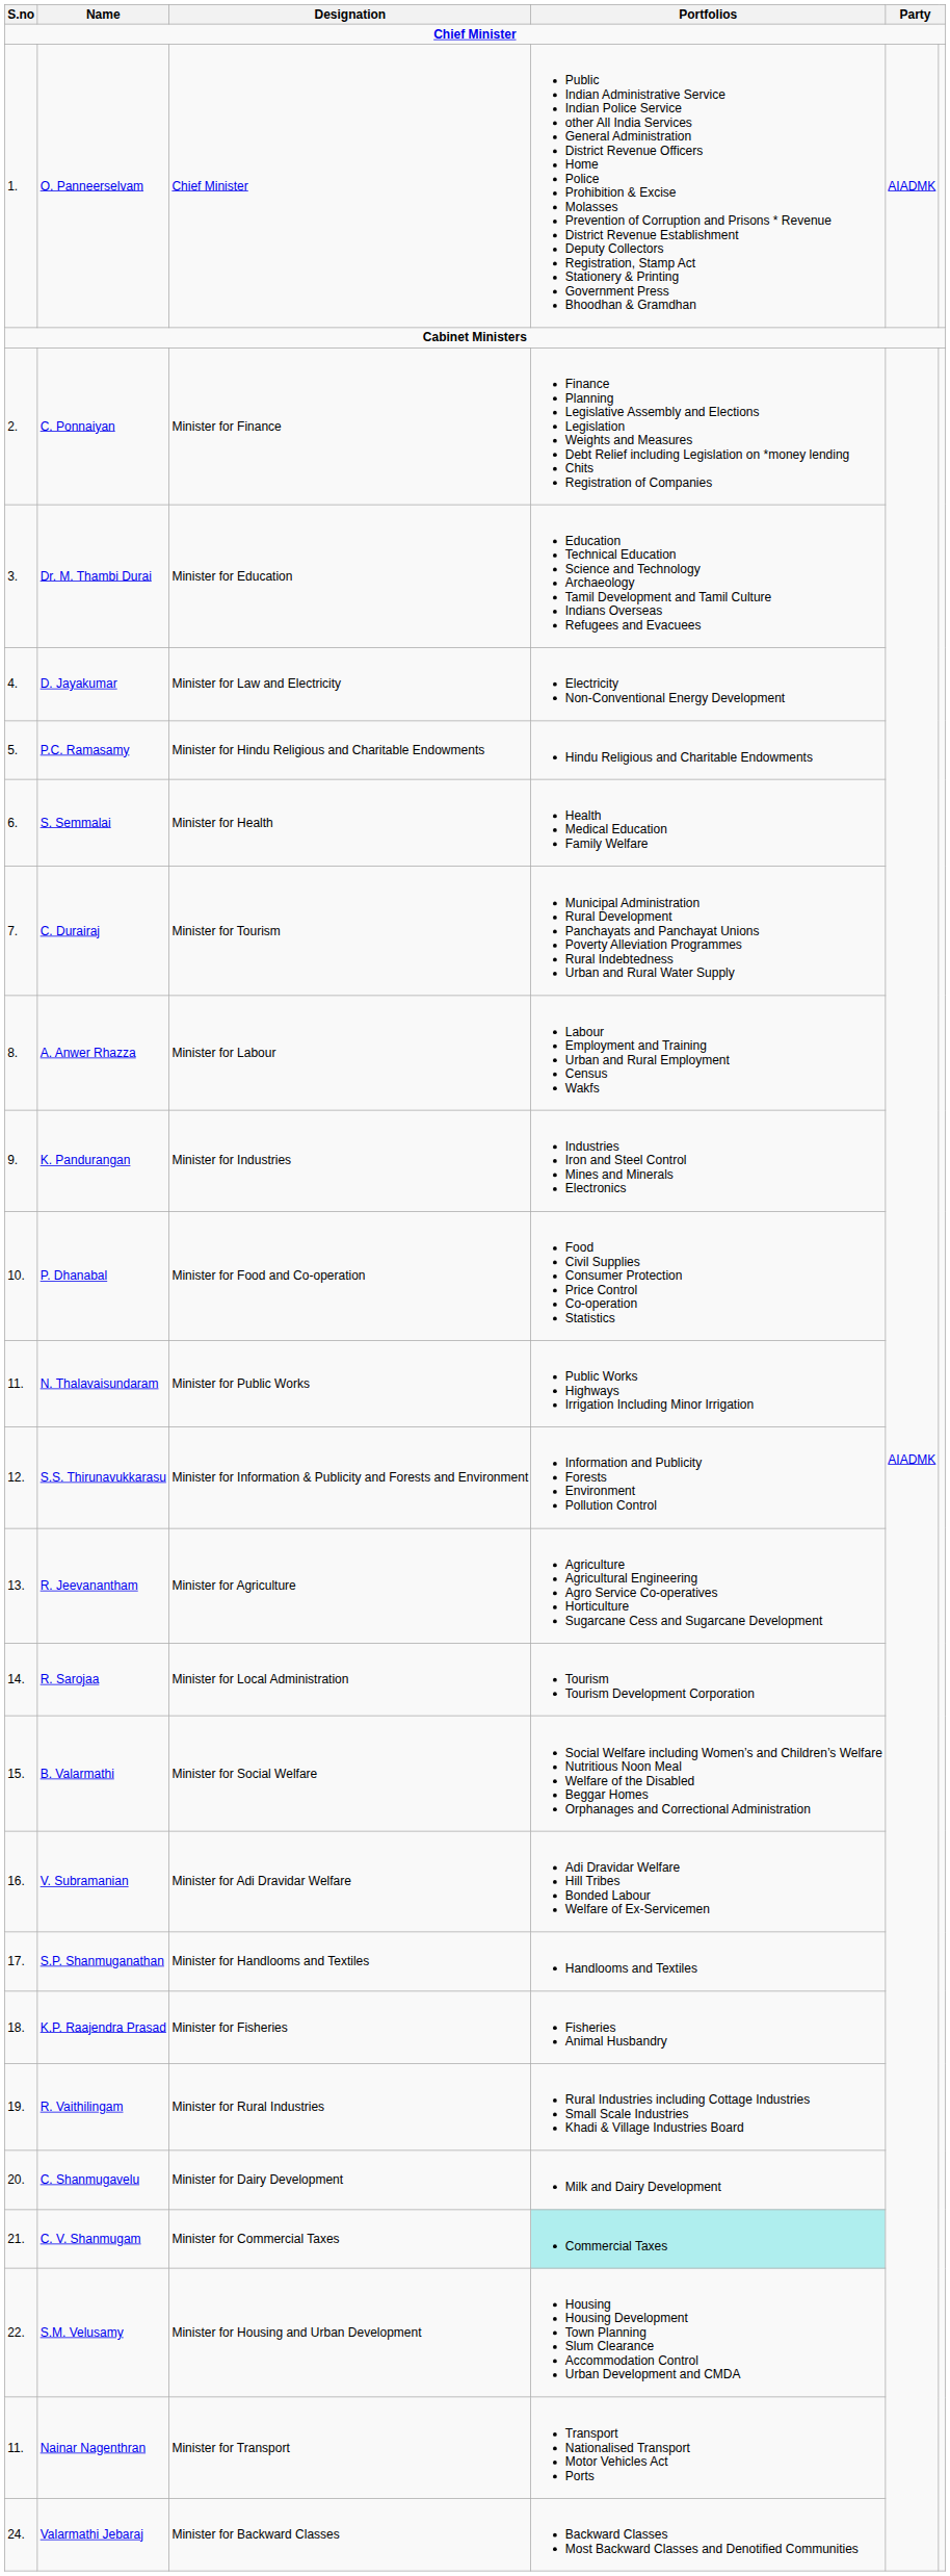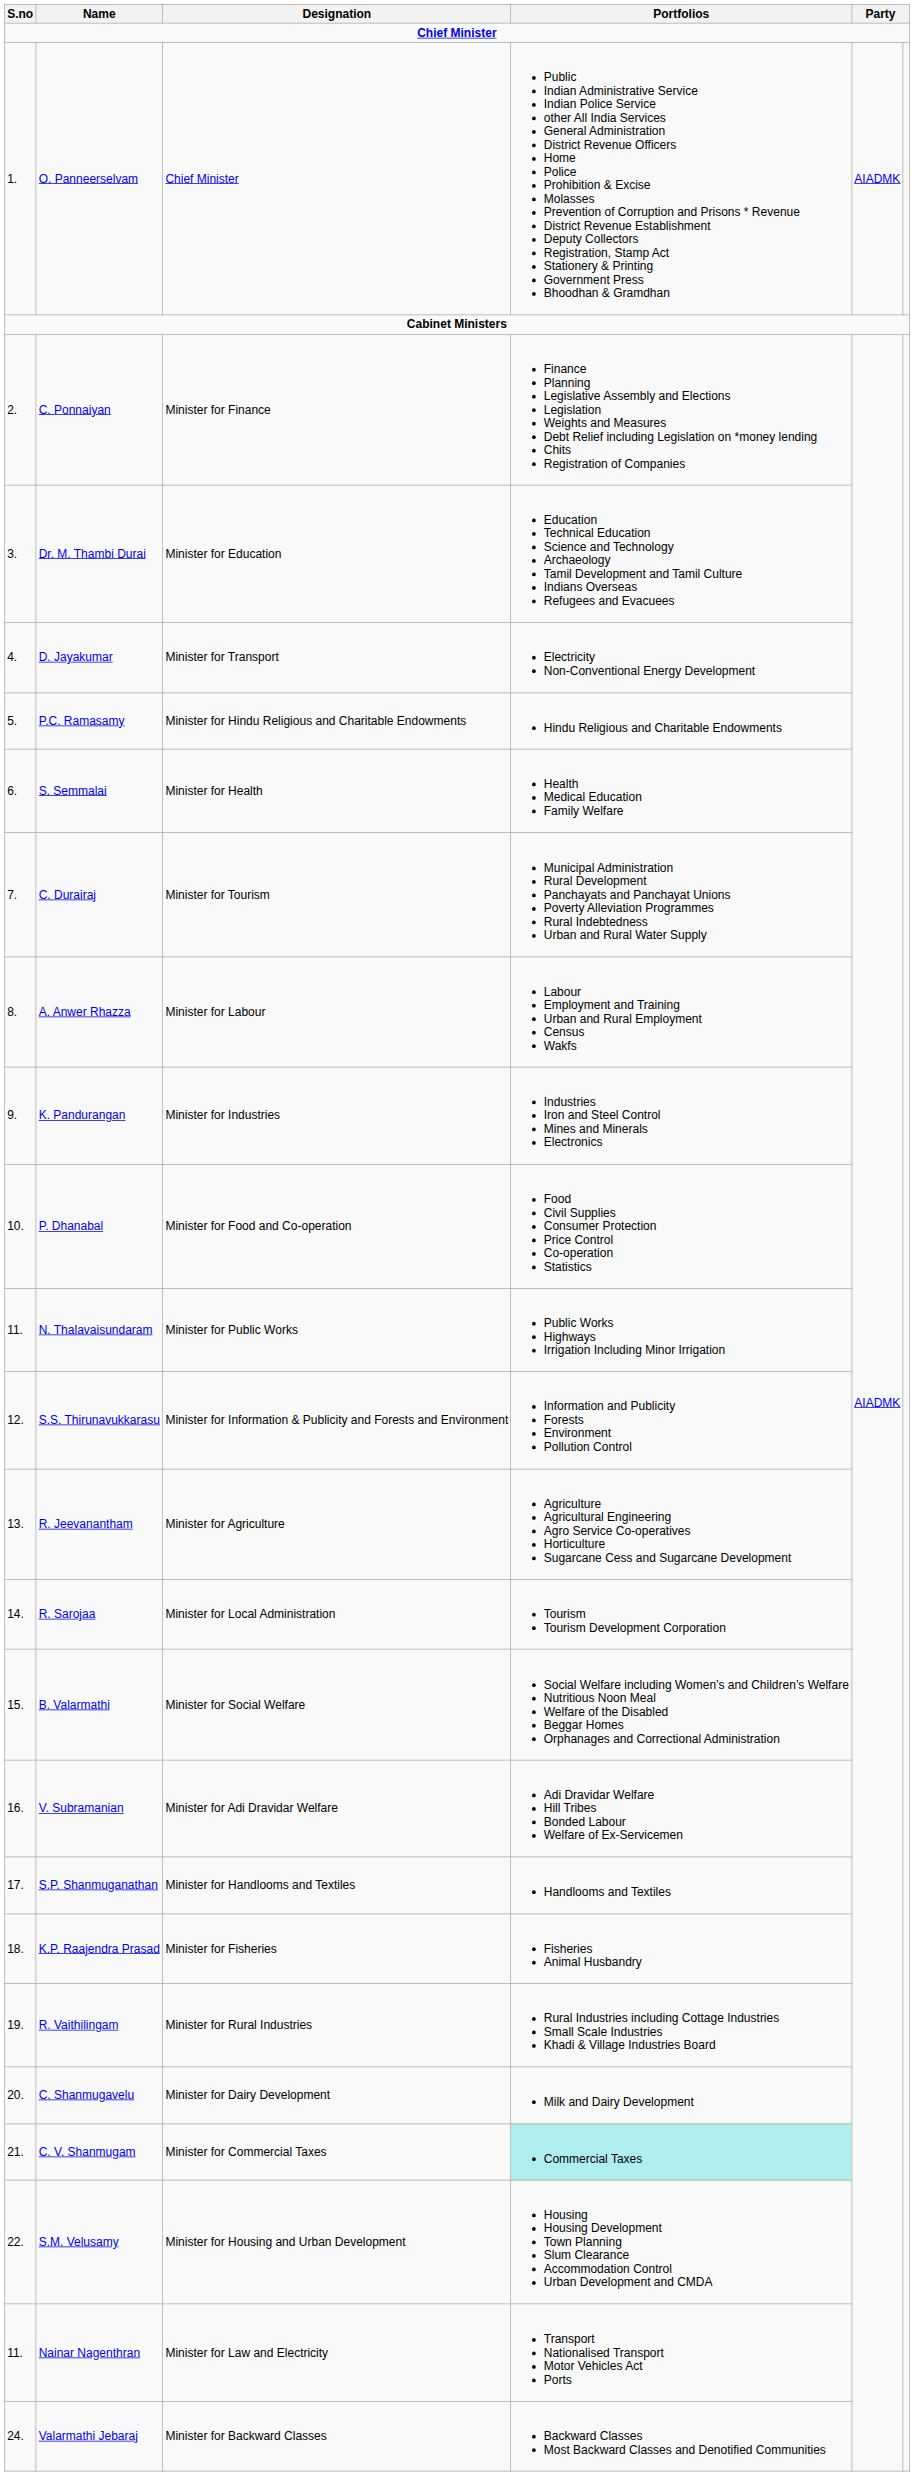 <table class="wikitable">
 <tr>
 <th>S.no</th>
 <th>Name</th>
 <th>Designation</th>
 <th>Portfolios</th>
 <th colspan="2" scope="col">Party</th>
 </tr>
 <tr>
 <td colspan="6" style="text-align: center;"><strong><a href='#'>Chief Minister</a></strong></td>
 </tr>
 <tr>
 <td>1.</td>
 <td><a href='#'>O. Panneerselvam</a></td>
 <td><a href='#'>Chief Minister</a></td>
 <td><br><ul><li>Public</li><li>Indian Administrative Service</li><li>Indian Police Service</li><li>other  All India Services</li><li>General    Administration</li><li>District Revenue Officers</li><li>Home</li><li>Police</li><li>Prohibition &  Excise</li><li>Molasses</li><li>Prevention  of Corruption and Prisons * Revenue</li><li>District Revenue Establishment</li><li>Deputy Collectors</li><li>Registration, Stamp  Act</li><li>Stationery & Printing</li><li>Government Press</li><li>Bhoodhan & Gramdhan</li></ul></td>
 <td><a href='#'>AIADMK</a></td>
 <td width="1px" style="background-color: "></td>
 </tr>
 <tr>
 <td colspan="6" style="text-align: center;"><strong>Cabinet Ministers</strong></td>
 </tr>
 <tr>
 <td>2.</td>
 <td><a href='#'>C. Ponnaiyan</a></td>
 <td>Minister for Finance</td>
 <td><br><ul><li>Finance</li><li>Planning</li><li>Legislative Assembly and Elections</li><li>Legislation</li><li>Weights and Measures</li><li>Debt Relief including Legislation on *money lending</li><li>Chits</li><li>Registration of Companies</li></ul></td>
 <td rowspan="32"><a href='#'>AIADMK</a></td>
 <td rowspan="32" width="1px" style="background-color: "></td>
 </tr>
 <tr>
 <td>3.</td>
 <td><a href='#'>Dr. M. Thambi Durai</a></td>
 <td>Minister for Education</td>
 <td><br><ul><li>Education</li><li>Technical  Education</li><li>Science   and    Technology</li><li>Archaeology</li><li>Tamil  Development and  Tamil Culture</li><li>Indians Overseas</li><li>Refugees and Evacuees</li></ul></td>
 </tr>
 <tr>
 <td>4.</td>
 <td><a href='#'>D. Jayakumar</a></td>
-<td>Minister for Law and Electricity</td>
+<td>Minister for Transport</td>
 <td><br><ul><li>Electricity</li><li>Non-Conventional Energy  Development</li></ul></td>
 </tr>
 <tr>
 <td>5.</td>
 <td><a href='#'>P.C. Ramasamy</a></td>
 <td>Minister for Hindu Religious and Charitable Endowments</td>
 <td><br><ul><li>Hindu Religious and Charitable Endowments</li></ul></td>
 </tr>
 <tr>
 <td>6.</td>
 <td><a href='#'>S. Semmalai</a></td>
 <td>Minister for Health</td>
 <td><br><ul><li>Health</li><li>Medical Education</li><li>Family  Welfare</li></ul></td>
 </tr>
 <tr>
 <td>7.</td>
 <td><a href='#'>C. Durairaj</a></td>
 <td>Minister for Tourism</td>
 <td><br><ul><li>Municipal Administration</li><li>Rural Development</li><li>Panchayats and Panchayat Unions</li><li>Poverty Alleviation  Programmes</li><li>Rural Indebtedness</li><li>Urban and Rural Water Supply</li></ul></td>
 </tr>
 <tr>
 <td>8.</td>
 <td><a href='#'>A. Anwer Rhazza</a></td>
 <td>Minister for Labour</td>
 <td><br><ul><li>Labour</li><li>Employment and  Training</li><li>Urban and Rural Employment</li><li>Census</li><li>Wakfs</li></ul></td>
 </tr>
 <tr>
 <td>9.</td>
 <td><a href='#'>K. Pandurangan</a></td>
 <td>Minister for Industries</td>
 <td><br><ul><li>Industries</li><li>Iron and Steel Control</li><li>Mines and Minerals</li><li>Electronics</li></ul></td>
 </tr>
 <tr>
 <td>10.</td>
 <td><a href='#'>P. Dhanabal</a></td>
 <td>Minister for Food and Co-operation</td>
 <td><br><ul><li>Food</li><li>Civil Supplies</li><li>Consumer Protection</li><li>Price Control</li><li>Co-operation</li><li>Statistics</li></ul></td>
 </tr>
 <tr>
 <td>11.</td>
 <td><a href='#'>N. Thalavaisundaram</a></td>
 <td>Minister for Public Works</td>
 <td><br><ul><li>Public Works</li><li>Highways</li><li>Irrigation Including Minor Irrigation</li></ul></td>
 </tr>
 <tr>
 <td>12.</td>
 <td><a href='#'>S.S. Thirunavukkarasu</a></td>
 <td>Minister for Information & Publicity and Forests and Environment</td>
 <td><br><ul><li>Information and Publicity</li><li>Forests</li><li>Environment</li><li>Pollution  Control</li></ul></td>
 </tr>
 <tr>
 <td>13.</td>
 <td><a href='#'>R. Jeevanantham</a></td>
 <td>Minister for Agriculture</td>
 <td><br><ul><li>Agriculture</li><li>Agricultural  Engineering</li><li>Agro   Service   Co-operatives</li><li>Horticulture</li><li>Sugarcane Cess and Sugarcane Development</li></ul></td>
 </tr>
 <tr>
 <td>14.</td>
 <td><a href='#'>R. Sarojaa</a></td>
 <td>Minister for Local Administration</td>
 <td><br><ul><li>Tourism</li><li>Tourism  Development Corporation</li></ul></td>
 </tr>
 <tr>
 <td>15.</td>
 <td><a href='#'>B. Valarmathi</a></td>
 <td>Minister for Social Welfare</td>
 <td><br><ul><li>Social Welfare including Women’s and Children’s  Welfare</li><li>Nutritious Noon Meal</li><li>Welfare of the Disabled</li><li>Beggar Homes</li><li>Orphanages and Correctional Administration</li></ul></td>
 </tr>
 <tr>
 <td>16.</td>
 <td><a href='#'>V. Subramanian</a></td>
 <td>Minister for Adi Dravidar Welfare</td>
 <td><br><ul><li>Adi  Dravidar Welfare</li><li>Hill Tribes</li><li>Bonded Labour</li><li>Welfare of Ex-Servicemen</li></ul></td>
 </tr>
 <tr>
 <td>17.</td>
 <td><a href='#'>S.P. Shanmuganathan</a></td>
 <td>Minister for Handlooms and Textiles</td>
 <td><br><ul><li>Handlooms  and Textiles</li></ul></td>
 </tr>
 <tr>
 <td>18.</td>
 <td><a href='#'>K.P. Raajendra Prasad</a></td>
 <td>Minister for Fisheries</td>
 <td><br><ul><li>Fisheries</li><li>Animal Husbandry</li></ul></td>
 </tr>
 <tr>
 <td>19.</td>
 <td><a href='#'>R. Vaithilingam</a></td>
 <td>Minister for Rural Industries</td>
 <td><br><ul><li>Rural Industries including Cottage Industries</li><li>Small Scale Industries</li><li>Khadi & Village Industries Board</li></ul></td>
 </tr>
 <tr>
 <td>20.</td>
 <td><a href='#'>C. Shanmugavelu</a></td>
 <td>Minister for Dairy Development</td>
 <td><br><ul><li>Milk and Dairy Development</li></ul></td>
 </tr>
 <tr>
 <td>21.</td>
 <td><a href='#'>C. V. Shanmugam</a></td>
 <td>Minister for Commercial Taxes</td>
 <td style="background: paleturquoise;"><br><ul><li>Commercial  Taxes</li></ul></td>
 </tr>
 <tr>
 <td>22.</td>
 <td><a href='#'>S.M. Velusamy</a></td>
 <td>Minister for Housing and Urban Development</td>
 <td><br><ul><li>Housing</li><li>Housing Development</li><li>Town Planning</li><li>Slum Clearance</li><li>Accommodation   Control</li><li>Urban Development and CMDA</li></ul></td>
 </tr>
 <tr>
 <td>11.</td>
 <td><a href='#'>Nainar Nagenthran</a></td>
-<td>Minister for Transport</td>
+<td>Minister for Law and Electricity</td>
 <td><br><ul><li>Transport</li><li>Nationalised  Transport</li><li>Motor Vehicles  Act</li><li>Ports</li></ul></td>
 </tr>
 <tr>
 <td>24.</td>
 <td><a href='#'>Valarmathi Jebaraj</a></td>
 <td>Minister for Backward Classes</td>
 <td><br><ul><li>Backward Classes</li><li>Most Backward Classes and Denotified Communities</li></ul></td>
 </tr>
 </table>
